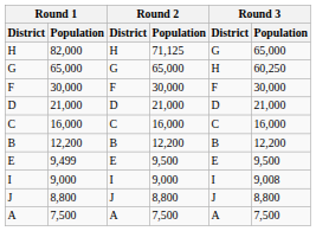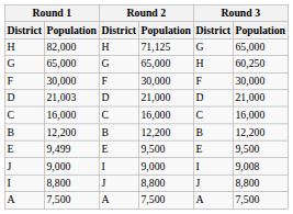 <table class="wikitable">
 <tr>
 <th colspan="2">Round 1</th>
 <th colspan="2">Round 2</th>
 <th colspan="2">Round 3</th>
 </tr>
 <tr>
 <th>District</th>
 <th>Population</th>
 <th>District</th>
 <th>Population</th>
 <th>District</th>
 <th>Population</th>
 </tr>
 <tr>
 <td>H</td>
 <td>82,000</td>
 <td>H</td>
 <td>71,125</td>
 <td>G</td>
 <td>65,000</td>
 </tr>
 <tr>
 <td>G</td>
 <td>65,000</td>
 <td>G</td>
 <td>65,000</td>
 <td>H</td>
 <td>60,250</td>
 </tr>
 <tr>
 <td>F</td>
 <td>30,000</td>
 <td>F</td>
 <td>30,000</td>
 <td>F</td>
 <td>30,000</td>
 </tr>
 <tr>
 <td>D</td>
-<td>21,000</td>
+<td>21,003</td>
 <td>D</td>
 <td>21,000</td>
 <td>D</td>
 <td>21,000</td>
 </tr>
 <tr>
 <td>C</td>
 <td>16,000</td>
 <td>C</td>
 <td>16,000</td>
 <td>C</td>
 <td>16,000</td>
 </tr>
 <tr>
 <td>B</td>
 <td>12,200</td>
 <td>B</td>
 <td>12,200</td>
 <td>B</td>
 <td>12,200</td>
 </tr>
 <tr>
 <td>E</td>
 <td>9,499</td>
 <td>E</td>
 <td>9,500</td>
 <td>E</td>
 <td>9,500</td>
 </tr>
 <tr>
-<td>I</td>
+<td>J</td>
 <td>9,000</td>
 <td>I</td>
 <td>9,000</td>
 <td>I</td>
 <td>9,008</td>
 </tr>
 <tr>
-<td>J</td>
+<td>I</td>
 <td>8,800</td>
 <td>J</td>
 <td>8,800</td>
 <td>J</td>
 <td>8,800</td>
 </tr>
 <tr>
 <td>A</td>
 <td>7,500</td>
 <td>A</td>
 <td>7,500</td>
 <td>A</td>
 <td>7,500</td>
 </tr>
 </table>
